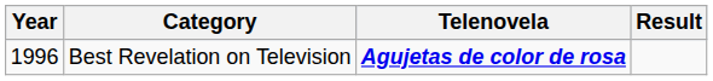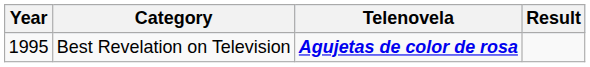 <table class="wikitable">
 <tr style="background:#b0c4de;">
 <th>Year</th>
 <th>Category</th>
 <th>Telenovela</th>
 <th>Result</th>
 </tr>
 <tr>
-<td>1996</td>
+<td>1995</td>
 <td>Best Revelation on Television</td>
 <td><strong><em><a href='#'>Agujetas de color de rosa</a></em></strong></td>
 <td></td>
 </tr>
 </table>
